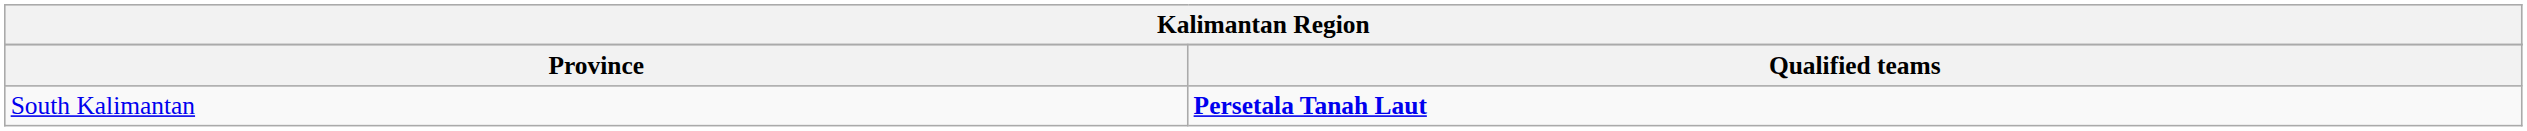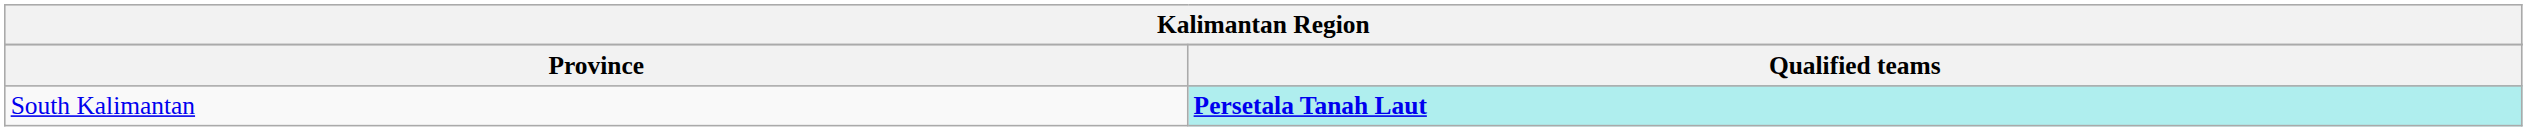 <table class="wikitable sortable" style="width:100%;">
 <tr>
 <th colspan="2"><strong>Kalimantan Region</strong></th>
 </tr>
 <tr>
 </tr>
 <tr>
 <th style="width:47%;">Province</th>
 <th style="width:53%;">Qualified teams</th>
 </tr>
 <tr>
 <td> <a href='#'>South Kalimantan</a></td>
-<td><strong><a href='#'>Persetala Tanah Laut</a></strong></td>
+<td style="background: paleturquoise;"><strong><a href='#'>Persetala Tanah Laut</a></strong></td>
 </tr>
 </table>
